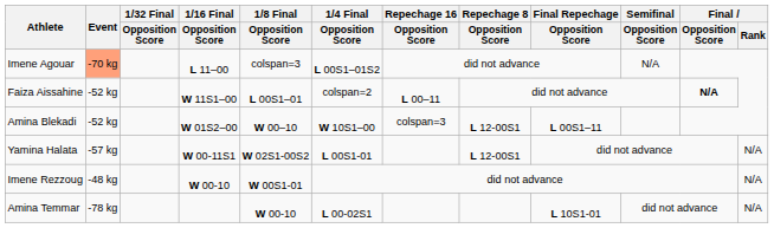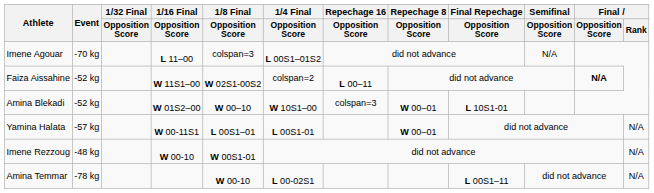 <table class="wikitable" style="font-size:90%">
 <tr>
 <th rowspan=2>Athlete</th>
 <th rowspan=2>Event</th>
 <th>1/32 Final</th>
 <th>1/16 Final</th>
 <th>1/8 Final</th>
 <th>1/4 Final</th>
 <th>Repechage 16</th>
 <th>Repechage 8</th>
 <th>Final Repechage</th>
 <th>Semifinal</th>
 <th colspan=3>Final / </th>
 </tr>
 <tr style="font-size:95%">
 <th>Opposition<br>Score</th>
 <th>Opposition<br>Score</th>
 <th>Opposition<br>Score</th>
 <th>Opposition<br>Score</th>
 <th>Opposition<br>Score</th>
 <th>Opposition<br>Score</th>
 <th>Opposition<br>Score</th>
 <th>Opposition<br>Score</th>
 <th>Opposition<br>Score</th>
 <th>Rank</th>
 </tr>
 <tr align=center>
 <td align=left>Imene Agouar</td>
-<td align=left style="background: lightsalmon;">-70 kg</td>
+<td align=left>-70 kg</td>
 <td></td>
 <td><br><strong>L</strong> 11–00</td>
 <td>colspan=3 </td>
 <td><br><strong>L</strong> 00S1–01S2</td>
 <td colspan=3>did not advance</td>
 <td>N/A</td>
 </tr>
 <tr align=center>
 <td align=left>Faiza Aissahine</td>
 <td align=left>-52 kg</td>
 <td></td>
 <td><br><strong>W</strong> 11S1–00</td>
-<td><br><strong>L</strong> 00S1–01</td>
+<td><br><strong>W</strong> 02S1-00S2</td>
 <td>colspan=2 </td>
 <td><br><strong>L</strong> 00–11</td>
 <td colspan=3>did not advance</td>
 <td><strong>N/A</strong></td>
 </tr>
 <tr align=center>
 <td align=left>Amina Blekadi</td>
 <td align=left>-52 kg</td>
 <td></td>
 <td><br><strong>W</strong> 01S2–00</td>
 <td><br><strong>W</strong> 00–10</td>
 <td><br><strong>W</strong> 10S1–00</td>
 <td>colspan=3 </td>
-<td><br><strong>L</strong> 12-00S1</td>
-<td><br><strong>L</strong> 00S1–11</td>
+<td><br><strong>W</strong> 00–01</td>
+<td><br><strong>L</strong> 10S1-01</td>
 <td></td>
 </tr>
 <tr align=center>
 <td align=left>Yamina Halata</td>
 <td align=left>-57 kg</td>
 <td></td>
 <td><br><strong>W</strong> 00-11S1</td>
-<td><br><strong>W</strong> 02S1-00S2</td>
+<td><br><strong>L</strong> 00S1–01</td>
 <td><br><strong>L</strong> 00S1-01</td>
 <td></td>
-<td><br><strong>L</strong> 12-00S1</td>
+<td><br><strong>W</strong> 00–01</td>
 <td colspan=3>did not advance</td>
 <td>N/A</td>
 </tr>
 <tr align=center>
 <td align=left>Imene Rezzoug</td>
 <td align=left>-48 kg</td>
 <td></td>
 <td><br><strong>W</strong> 00-10</td>
 <td><br><strong>W</strong> 00S1-01</td>
 <td colspan=6>did not advance</td>
 <td>N/A</td>
 </tr>
 <tr align=center>
 <td align=left>Amina Temmar</td>
 <td align=left>-78 kg</td>
 <td></td>
 <td></td>
 <td><br><strong>W</strong> 00-10</td>
 <td><br><strong>L</strong> 00-02S1</td>
 <td></td>
 <td></td>
-<td><br><strong>L</strong> 10S1-01</td>
+<td><br><strong>L</strong> 00S1–11</td>
 <td colspan=2>did not advance</td>
 <td>N/A</td>
 </tr>
 </table>
